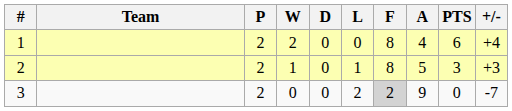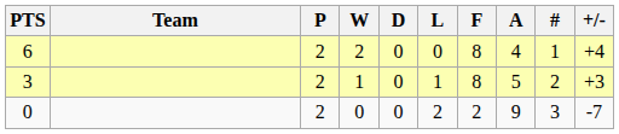 <table class="wikitable" border="1">
 <tr>
-<th width="25">#</th>
+<th width="25">PTS</th>
 <th width="200">Team</th>
 <th width="25">P</th>
 <th width="25">W</th>
 <th width="25">D</th>
 <th width="25">L</th>
 <th width="25">F</th>
 <th width="25">A</th>
-<th width="25">PTS</th>
+<th width="25">#</th>
 <th width="25">+/-</th>
 </tr>
 <tr bgcolor="FCFFB2">
-<td align="center">1</td>
+<td align="center">6</td>
 <td></td>
 <td align="center">2</td>
 <td align="center">2</td>
 <td align="center">0</td>
 <td align="center">0</td>
 <td align="center">8</td>
 <td align="center">4</td>
-<td align="center">6</td>
+<td align="center">1</td>
 <td align="center">+4</td>
 </tr>
 <tr bgcolor="FCFFB2">
-<td align="center">2</td>
+<td align="center">3</td>
 <td></td>
 <td align="center">2</td>
 <td align="center">1</td>
 <td align="center">0</td>
 <td align="center">1</td>
 <td align="center">8</td>
 <td align="center">5</td>
-<td align="center">3</td>
+<td align="center">2</td>
 <td align="center">+3</td>
 </tr>
 <tr>
-<td align="center">3</td>
+<td align="center">0</td>
 <td></td>
 <td align="center">2</td>
 <td align="center">0</td>
 <td align="center">0</td>
 <td align="center">2</td>
-<td align="center" style="background: lightgrey;">2</td>
+<td align="center">2</td>
 <td align="center">9</td>
-<td align="center">0</td>
+<td align="center">3</td>
 <td align="center">-7</td>
 </tr>
 </table>
